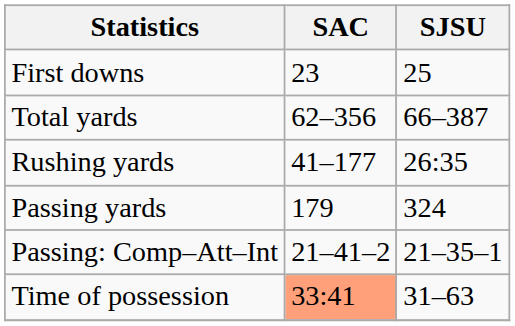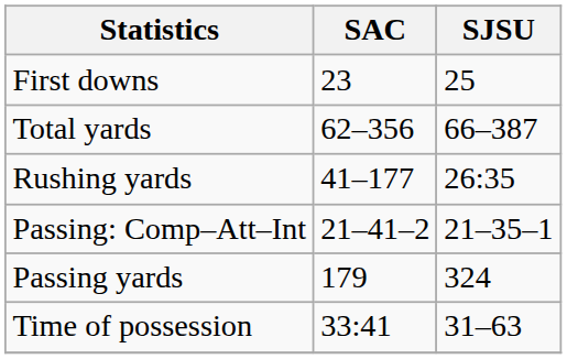 <table class="wikitable" style="float: left;">
 <tr>
 <th>Statistics</th>
 <th>SAC</th>
 <th>SJSU</th>
 </tr>
 <tr>
 <td>First downs</td>
 <td>23</td>
 <td>25</td>
 </tr>
 <tr>
 <td>Total yards</td>
 <td>62–356</td>
 <td>66–387</td>
 </tr>
 <tr>
 <td>Rushing yards</td>
 <td>41–177</td>
 <td>26:35</td>
 </tr>
 <tr>
+<td>Passing: Comp–Att–Int</td>
+<td>21–41–2</td>
+<td>21–35–1</td>
+</tr>
+<tr>
 <td>Passing yards</td>
 <td>179</td>
 <td>324</td>
 </tr>
 <tr>
-<td>Passing: Comp–Att–Int</td>
-<td>21–41–2</td>
-<td>21–35–1</td>
-</tr>
-<tr>
 <td>Time of possession</td>
-<td style="background: lightsalmon;">33:41</td>
+<td>33:41</td>
 <td>31–63</td>
 </tr>
 <tr>
 </tr>
 </table>
